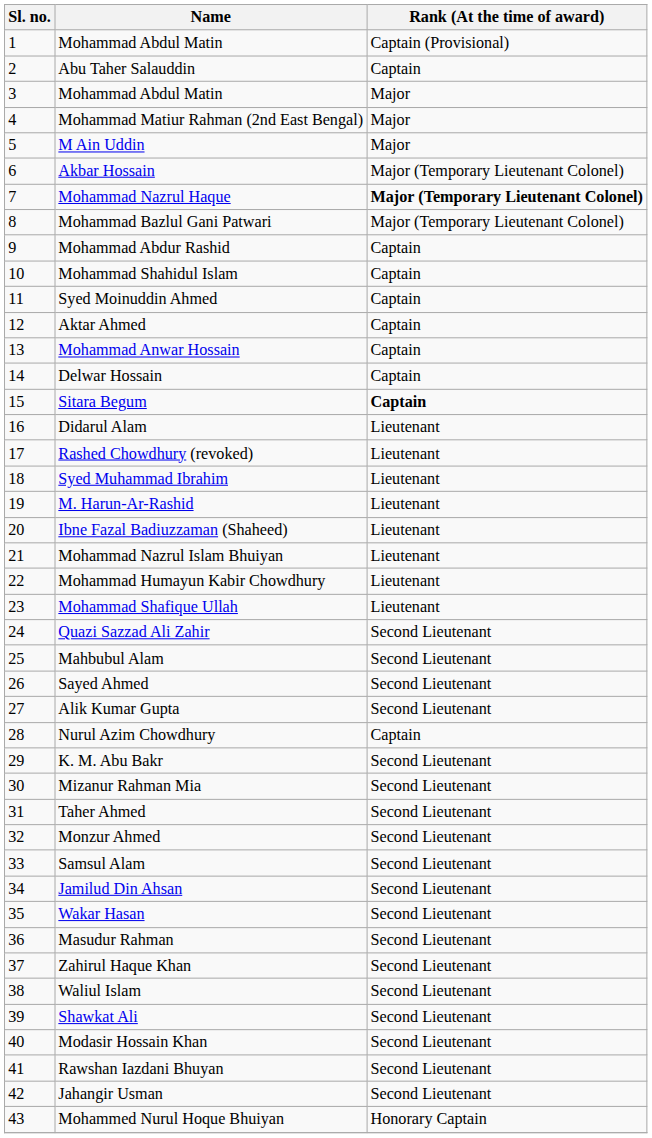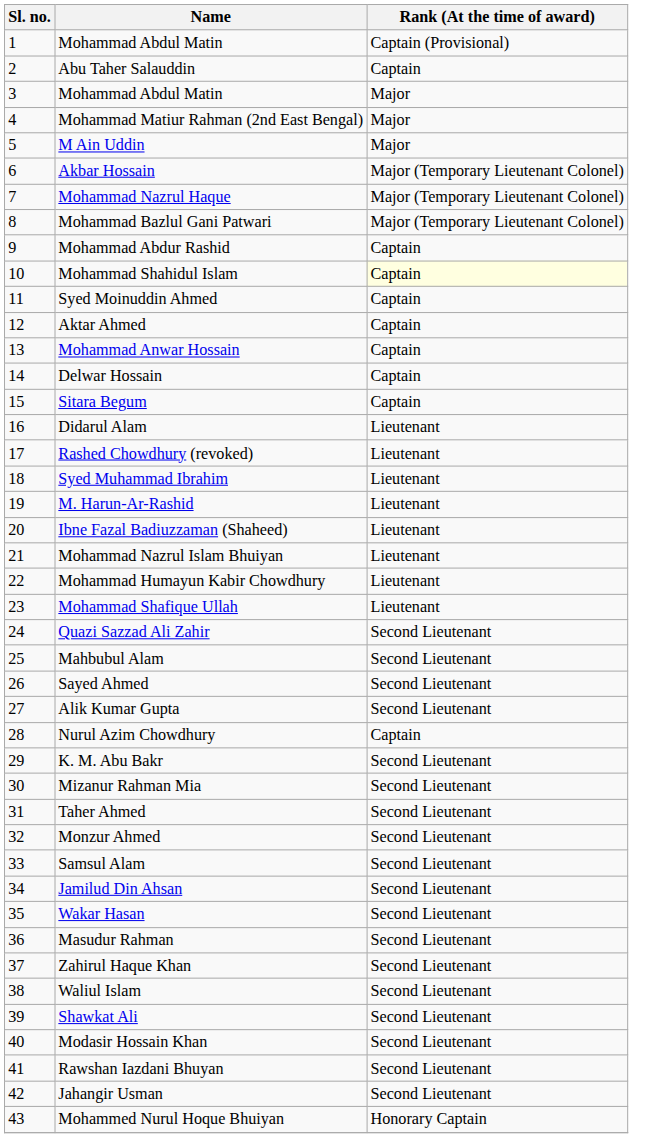 <table class ="wikitable">
 <tr>
 <th>Sl. no.</th>
 <th>Name</th>
 <th>Rank (At the time of award)</th>
 </tr>
 <tr>
 <td>1</td>
 <td>Mohammad Abdul Matin</td>
 <td>Captain (Provisional)</td>
 </tr>
 <tr>
 <td>2</td>
 <td>Abu Taher Salauddin</td>
 <td>Captain</td>
 </tr>
 <tr>
 <td>3</td>
 <td>Mohammad Abdul Matin</td>
 <td>Major</td>
 </tr>
 <tr>
 <td>4</td>
 <td>Mohammad Matiur Rahman (2nd East Bengal)</td>
 <td>Major</td>
 </tr>
 <tr>
 <td>5</td>
 <td><a href='#'>M Ain Uddin</a></td>
 <td>Major</td>
 </tr>
 <tr>
 <td>6</td>
 <td><a href='#'>Akbar Hossain</a></td>
 <td>Major (Temporary Lieutenant Colonel)</td>
 </tr>
 <tr>
 <td>7</td>
 <td><a href='#'>Mohammad Nazrul Haque</a></td>
-<td><strong>Major (Temporary Lieutenant Colonel)</strong></td>
+<td>Major (Temporary Lieutenant Colonel)</td>
 </tr>
 <tr>
 <td>8</td>
 <td>Mohammad Bazlul Gani Patwari</td>
 <td>Major (Temporary Lieutenant Colonel)</td>
 </tr>
 <tr>
 <td>9</td>
 <td>Mohammad Abdur Rashid</td>
 <td>Captain</td>
 </tr>
 <tr>
 <td>10</td>
 <td>Mohammad Shahidul Islam</td>
-<td>Captain</td>
+<td style="background: lightyellow;">Captain</td>
 </tr>
 <tr>
 <td>11</td>
 <td>Syed Moinuddin Ahmed</td>
 <td>Captain</td>
 </tr>
 <tr>
 <td>12</td>
 <td>Aktar Ahmed</td>
 <td>Captain</td>
 </tr>
 <tr>
 <td>13</td>
 <td><a href='#'>Mohammad Anwar Hossain</a></td>
 <td>Captain</td>
 </tr>
 <tr>
 <td>14</td>
 <td>Delwar Hossain</td>
 <td>Captain</td>
 </tr>
 <tr>
 <td>15</td>
 <td><a href='#'>Sitara Begum</a></td>
-<td><strong>Captain</strong></td>
+<td>Captain</td>
 </tr>
 <tr>
 <td>16</td>
 <td>Didarul Alam</td>
 <td>Lieutenant</td>
 </tr>
 <tr>
 <td>17</td>
 <td><a href='#'>Rashed Chowdhury</a> (revoked)</td>
 <td>Lieutenant</td>
 </tr>
 <tr>
 <td>18</td>
 <td><a href='#'>Syed Muhammad Ibrahim</a></td>
 <td>Lieutenant</td>
 </tr>
 <tr>
 <td>19</td>
 <td><a href='#'>M. Harun-Ar-Rashid</a></td>
 <td>Lieutenant</td>
 </tr>
 <tr>
 <td>20</td>
 <td><a href='#'>Ibne Fazal Badiuzzaman</a> (Shaheed)</td>
 <td>Lieutenant</td>
 </tr>
 <tr>
 <td>21</td>
 <td>Mohammad Nazrul Islam Bhuiyan</td>
 <td>Lieutenant</td>
 </tr>
 <tr>
 <td>22</td>
 <td>Mohammad Humayun Kabir Chowdhury</td>
 <td>Lieutenant</td>
 </tr>
 <tr>
 <td>23</td>
 <td><a href='#'>Mohammad Shafique Ullah</a></td>
 <td>Lieutenant</td>
 </tr>
 <tr>
 <td>24</td>
 <td><a href='#'>Quazi Sazzad Ali Zahir</a></td>
 <td>Second Lieutenant</td>
 </tr>
 <tr>
 <td>25</td>
 <td>Mahbubul Alam</td>
 <td>Second Lieutenant</td>
 </tr>
 <tr>
 <td>26</td>
 <td>Sayed Ahmed</td>
 <td>Second Lieutenant</td>
 </tr>
 <tr>
 <td>27</td>
 <td>Alik Kumar Gupta</td>
 <td>Second Lieutenant</td>
 </tr>
 <tr>
 <td>28</td>
 <td>Nurul Azim Chowdhury</td>
 <td>Captain</td>
 </tr>
 <tr>
 <td>29</td>
 <td>K. M. Abu Bakr</td>
 <td>Second Lieutenant</td>
 </tr>
 <tr>
 <td>30</td>
 <td>Mizanur Rahman Mia</td>
 <td>Second Lieutenant</td>
 </tr>
 <tr>
 <td>31</td>
 <td>Taher Ahmed</td>
 <td>Second Lieutenant</td>
 </tr>
 <tr>
 <td>32</td>
 <td>Monzur Ahmed</td>
 <td>Second Lieutenant</td>
 </tr>
 <tr>
 <td>33</td>
 <td>Samsul Alam</td>
 <td>Second Lieutenant</td>
 </tr>
 <tr>
 <td>34</td>
 <td><a href='#'>Jamilud Din Ahsan</a></td>
 <td>Second Lieutenant</td>
 </tr>
 <tr>
 <td>35</td>
 <td><a href='#'>Wakar Hasan</a></td>
 <td>Second Lieutenant</td>
 </tr>
 <tr>
 <td>36</td>
 <td>Masudur Rahman</td>
 <td>Second Lieutenant</td>
 </tr>
 <tr>
 <td>37</td>
 <td>Zahirul Haque Khan</td>
 <td>Second Lieutenant</td>
 </tr>
 <tr>
 <td>38</td>
 <td>Waliul Islam</td>
 <td>Second Lieutenant</td>
 </tr>
 <tr>
 <td>39</td>
 <td><a href='#'>Shawkat Ali</a></td>
 <td>Second Lieutenant</td>
 </tr>
 <tr>
 <td>40</td>
 <td>Modasir Hossain Khan</td>
 <td>Second Lieutenant</td>
 </tr>
 <tr>
 <td>41</td>
 <td>Rawshan Iazdani Bhuyan</td>
 <td>Second Lieutenant</td>
 </tr>
 <tr>
 <td>42</td>
 <td>Jahangir Usman</td>
 <td>Second Lieutenant</td>
 </tr>
 <tr>
 <td>43</td>
 <td>Mohammed Nurul Hoque Bhuiyan</td>
 <td>Honorary Captain</td>
 </tr>
 <tr>
 </tr>
 </table>
